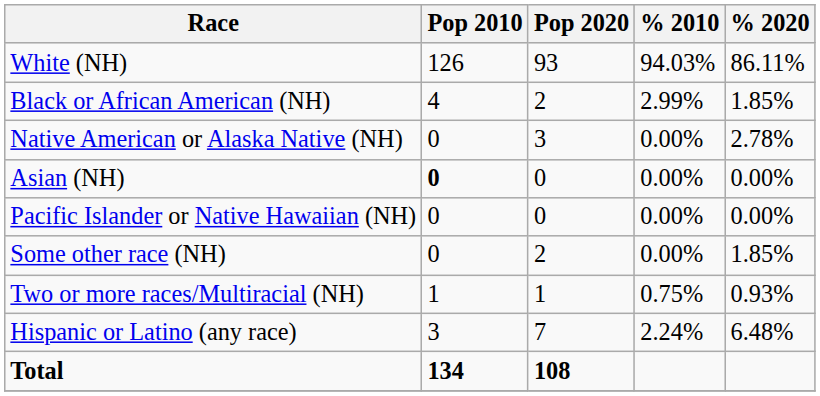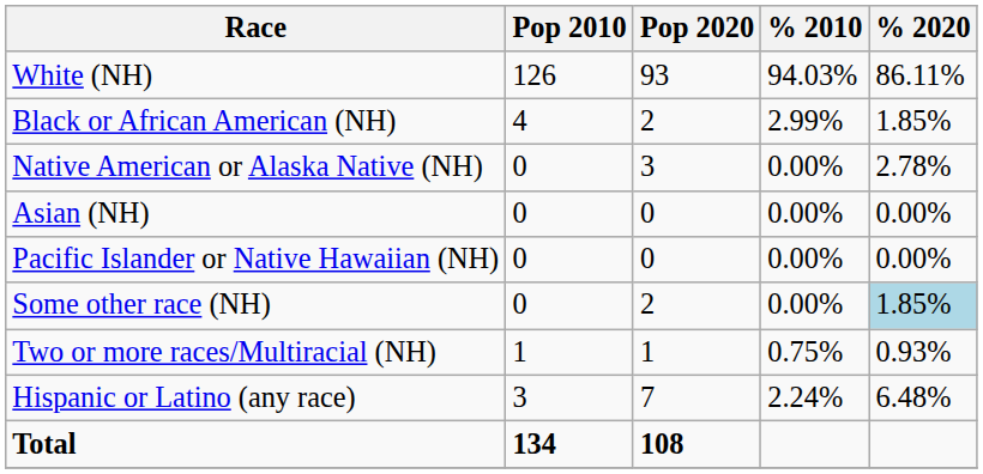 <table class="wikitable">
 <tr>
 <th>Race</th>
 <th>Pop 2010</th>
 <th>Pop 2020</th>
 <th>% 2010</th>
 <th>% 2020</th>
 </tr>
 <tr>
 <td><a href='#'>White</a> (NH)</td>
 <td>126</td>
 <td>93</td>
 <td>94.03%</td>
 <td>86.11%</td>
 </tr>
 <tr>
 <td><a href='#'>Black or African American</a> (NH)</td>
 <td>4</td>
 <td>2</td>
 <td>2.99%</td>
 <td>1.85%</td>
 </tr>
 <tr>
 <td><a href='#'>Native American</a> or <a href='#'>Alaska Native</a> (NH)</td>
 <td>0</td>
 <td>3</td>
 <td>0.00%</td>
 <td>2.78%</td>
 </tr>
 <tr>
 <td><a href='#'>Asian</a> (NH)</td>
-<td><strong>0</strong></td>
+<td>0</td>
 <td>0</td>
 <td>0.00%</td>
 <td>0.00%</td>
 </tr>
 <tr>
 <td><a href='#'>Pacific Islander</a> or <a href='#'>Native Hawaiian</a> (NH)</td>
 <td>0</td>
 <td>0</td>
 <td>0.00%</td>
 <td>0.00%</td>
 </tr>
 <tr>
 <td><a href='#'>Some other race</a> (NH)</td>
 <td>0</td>
 <td>2</td>
 <td>0.00%</td>
-<td>1.85%</td>
+<td style="background: lightblue;">1.85%</td>
 </tr>
 <tr>
 <td><a href='#'>Two or more races/Multiracial</a> (NH)</td>
 <td>1</td>
 <td>1</td>
 <td>0.75%</td>
 <td>0.93%</td>
 </tr>
 <tr>
 <td><a href='#'>Hispanic or Latino</a> (any race)</td>
 <td>3</td>
 <td>7</td>
 <td>2.24%</td>
 <td>6.48%</td>
 </tr>
 <tr>
 <td><strong>Total</strong></td>
 <td><strong>134</strong></td>
 <td><strong>108</strong></td>
 <td></td>
 <td></td>
 </tr>
 <tr>
 </tr>
 </table>
